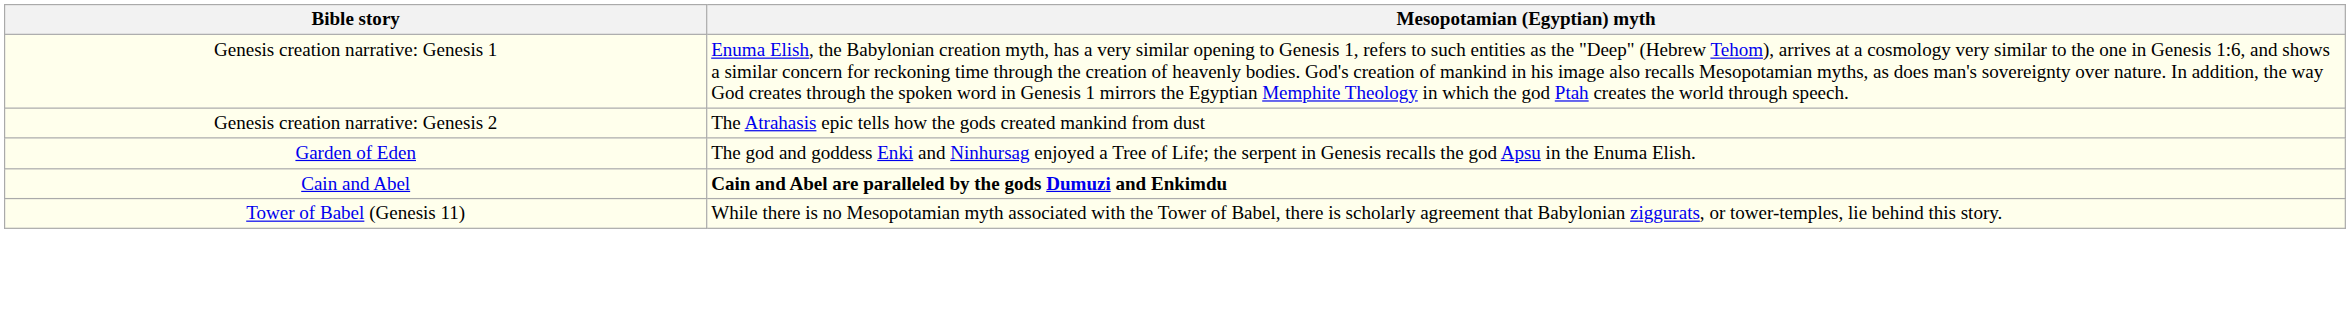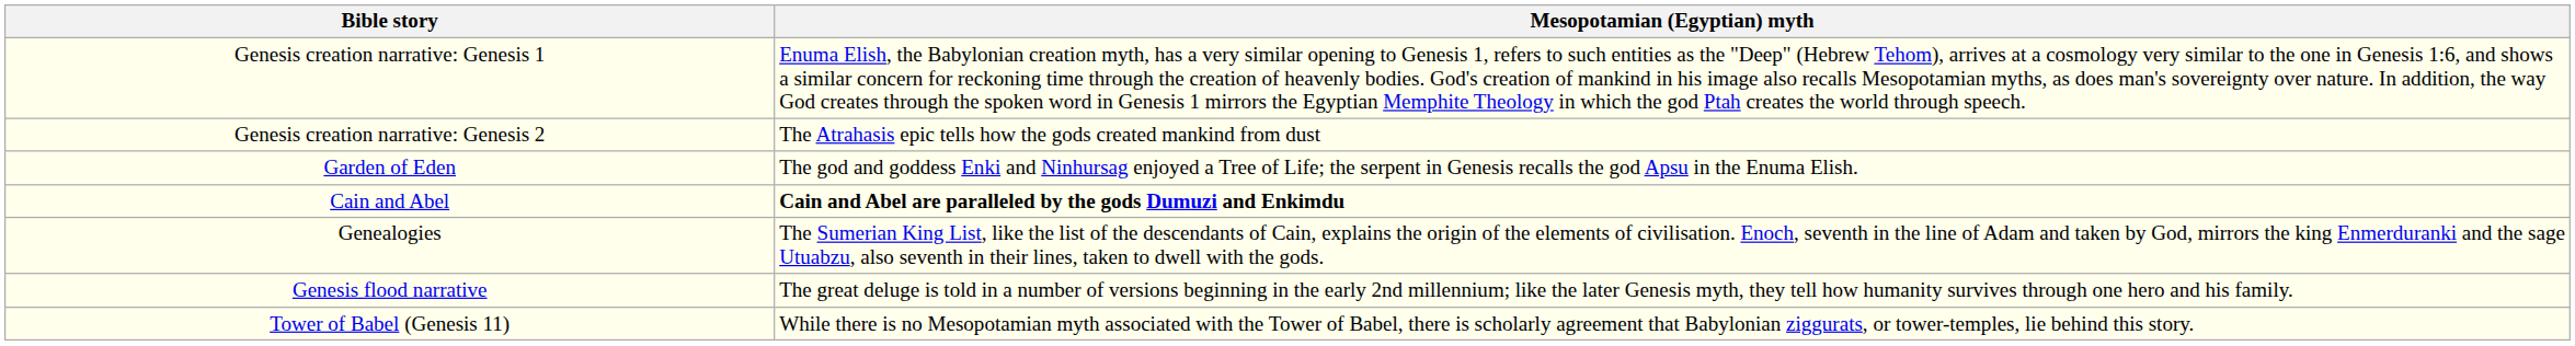 <table class="wikitable" style="align: center;">
 <tr>
 <th style="width:30%;">Bible story<br></th>
 <th style="width:70%;">Mesopotamian (Egyptian) myth<br></th>
 </tr>
 <tr style="text-align:center; background:#ffffec; vertical-align:top;">
 <td style="text-align:center;">Genesis creation narrative: Genesis 1</td>
 <td style="text-align:left;"><a href='#'>Enuma Elish</a>, the Babylonian creation myth, has a very similar opening to Genesis 1, refers to such entities as the "Deep" (Hebrew <a href='#'>Tehom</a>), arrives at a cosmology very similar to the one in Genesis 1:6, and shows a similar concern for reckoning time through the creation of heavenly bodies. God's creation of mankind in his image also recalls Mesopotamian myths, as does man's sovereignty over nature. In addition, the way God creates through the spoken word in Genesis 1 mirrors the Egyptian <a href='#'>Memphite Theology</a> in which the god <a href='#'>Ptah</a> creates the world through speech.</td>
 </tr>
 <tr style="text-align:center; background:#ffffec; vertical-align:top;">
 <td style="text-align:center;">Genesis creation narrative: Genesis 2</td>
 <td style="text-align:left;">The <a href='#'>Atrahasis</a> epic tells how the gods created mankind from dust</td>
 </tr>
 <tr style="text-align:center; background:#ffffec; vertical-align:top;">
 <td style="text-align:center;"><a href='#'>Garden of Eden</a></td>
 <td style="text-align:left;">The god and goddess <a href='#'>Enki</a> and <a href='#'>Ninhursag</a> enjoyed a Tree of Life; the serpent in Genesis recalls the god <a href='#'>Apsu</a> in the Enuma Elish.</td>
 </tr>
 <tr style="text-align:center; background:#ffffec; vertical-align:top;">
 <td style="text-align:center;"><a href='#'>Cain and Abel</a></td>
 <td style="text-align:left;"><strong>Cain and Abel are paralleled by the gods <a href='#'>Dumuzi</a> and Enkimdu</strong></td>
 </tr>
 <tr style="text-align:center; background:#ffffec; vertical-align:top;">
+<td style="text-align:center;">Genealogies</td>
+<td style="text-align:left;">The <a href='#'>Sumerian King List</a>, like the list of the descendants of Cain, explains the origin of the elements of civilisation. <a href='#'>Enoch</a>, seventh in the line of Adam and taken by God, mirrors the king <a href='#'>Enmerduranki</a> and the sage <a href='#'>Utuabzu</a>, also seventh in their lines, taken to dwell with the gods.</td>
+</tr>
+<tr style="text-align:center; background:#ffffec; vertical-align:top;">
+<td style="text-align:center;"><a href='#'>Genesis flood narrative</a></td>
+<td style="text-align:left;">The great deluge is told in a number of versions beginning in the early 2nd millennium; like the later Genesis myth, they tell how humanity survives through one hero and his family.</td>
+</tr>
+<tr style="text-align:center; background:#ffffec; vertical-align:top;">
 <td style="text-align:center;"><a href='#'>Tower of Babel</a> (Genesis 11)</td>
 <td style="text-align:left;">While there is no Mesopotamian myth associated with the Tower of Babel, there is scholarly agreement that Babylonian <a href='#'>ziggurats</a>, or tower-temples, lie behind this story.</td>
 </tr>
 </table>
